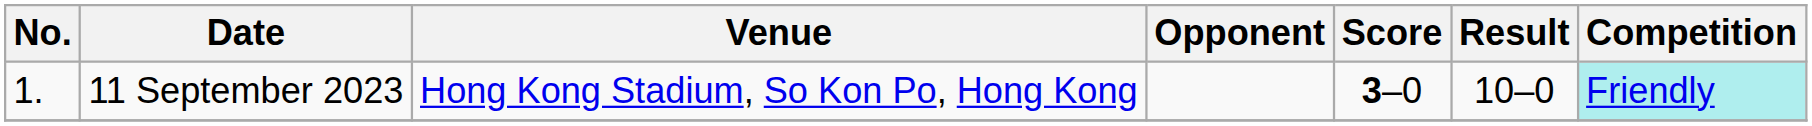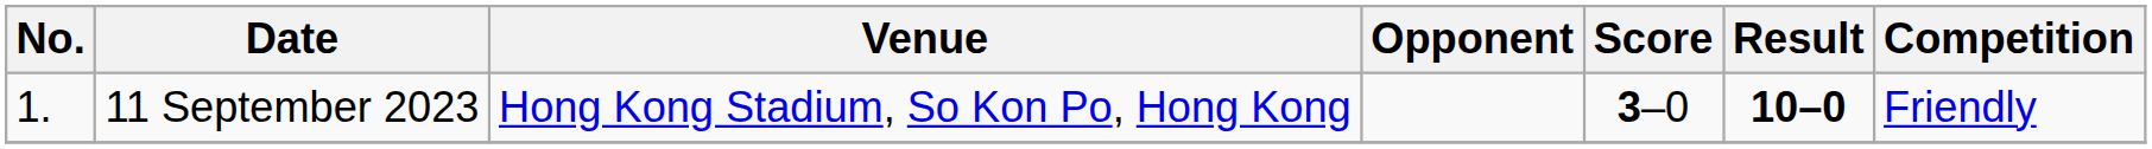 <table class="wikitable sortable">
 <tr>
 <th>No.</th>
 <th>Date</th>
 <th>Venue</th>
 <th>Opponent</th>
 <th>Score</th>
 <th>Result</th>
 <th>Competition</th>
 </tr>
 <tr>
 <td>1.</td>
 <td>11 September 2023</td>
 <td><a href='#'>Hong Kong Stadium</a>, <a href='#'>So Kon Po</a>, <a href='#'>Hong Kong</a></td>
 <td></td>
 <td align=center><strong>3</strong>–0</td>
-<td align=center>10–0</td>
-<td style="background: paleturquoise;"><a href='#'>Friendly</a></td>
+<td align=center><strong>10–0</strong></td>
+<td><a href='#'>Friendly</a></td>
 </tr>
 <tr>
 </tr>
 </table>
